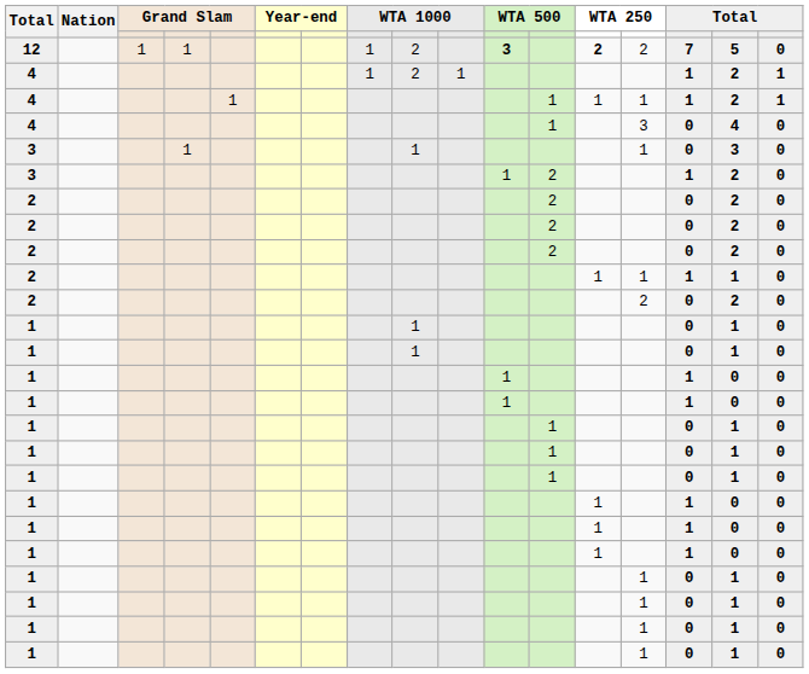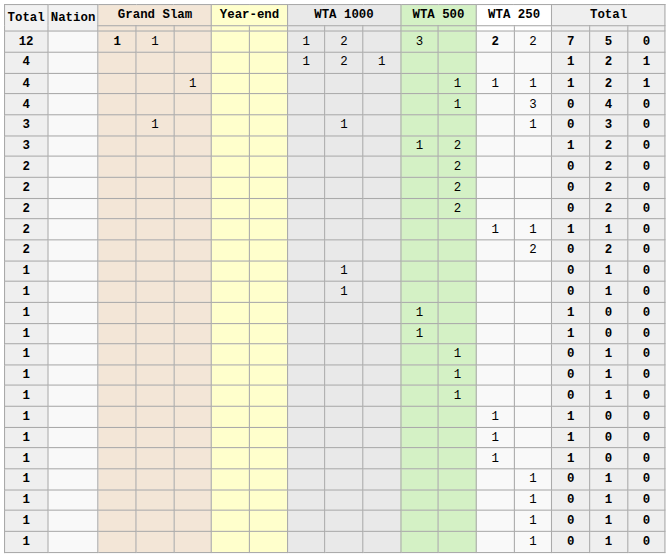 <table class="sortable wikitable nowrap" style="font-size:90%">
 <tr>
 <th rowspan=2>Total</th>
 <th rowspan=2>Nation</th>
 <th style="background-color:#f3e6d7;" colspan="3">Grand Slam</th>
 <th style="background-color:#ffc;" colspan="2">Year-end</th>
 <th style="background-color:#e9e9e9;" colspan="3">WTA 1000</th>
 <th style="background-color:#d4f1c5;" colspan="2">WTA 500</th>
 <th style="background-color:#fff;" colspan="2">WTA 250</th>
 <th style="background-color:#efefef;" colspan="3">Total</th>
 </tr>
 <tr>
 <th style="width:30px; background-color:#f3e6d7;"></th>
 <th style="width:30px; background-color:#f3e6d7;"></th>
 <th style="width:30px; background-color:#f3e6d7;"></th>
 <th style="width:30px; background-color:#ffc;"></th>
 <th style="width:30px; background-color:#ffc;"></th>
 <th style="width:30px; background-color:#e9e9e9;"></th>
 <th style="width:30px; background-color:#e9e9e9;"></th>
 <th style="width:30px; background-color:#e9e9e9;"></th>
 <th style="width:30px; background-color:#d4f1c5;"></th>
 <th style="width:30px; background-color:#d4f1c5;"></th>
 <th style="width:30px; background-color:#fff;"></th>
 <th style="width:30px; background-color:#fff;"></th>
 <th style="width:30px; background-color:#efefef;"></th>
 <th style="width:30px; background-color:#efefef;"></th>
 <th style="width:30px; background-color:#efefef;"></th>
 </tr>
 <tr style="text-align:center">
 <td style="background:#efefef;"><strong>12</strong></td>
 <td style="text-align:left"></td>
-<td style="background:#F3E6D7;">1</td>
+<td style="background:#F3E6D7;"><strong>1</strong></td>
 <td style="background:#F3E6D7;">1</td>
 <td style="background:#F3E6D7;"></td>
 <td style="background:#ffc;"></td>
 <td style="background:#ffc;"></td>
 <td style="background:#e9e9e9;">1</td>
 <td style="background:#e9e9e9;">2</td>
 <td style="background:#e9e9e9;"></td>
-<td style="background:#D4F1C5;"><strong>3</strong></td>
+<td style="background:#D4F1C5;">3</td>
 <td style="background:#D4F1C5;"></td>
 <td><strong>2</strong></td>
 <td>2</td>
 <td style="background:#efefef;"><strong>7</strong></td>
 <td style="background:#efefef;"><strong>5</strong></td>
 <td style="background:#efefef;"><strong>0</strong></td>
 </tr>
 <tr style="text-align:center">
 <td style="background:#efefef;"><strong>4</strong></td>
 <td style="text-align:left"></td>
 <td style="background:#F3E6D7;"></td>
 <td style="background:#F3E6D7;"></td>
 <td style="background:#F3E6D7;"></td>
 <td style="background:#ffc;"></td>
 <td style="background:#ffc;"></td>
 <td style="background:#e9e9e9;">1</td>
 <td style="background:#e9e9e9;">2</td>
 <td style="background:#e9e9e9;">1</td>
 <td style="background:#D4F1C5;"></td>
 <td style="background:#D4F1C5;"></td>
 <td></td>
 <td></td>
 <td style="background:#efefef;"><strong>1</strong></td>
 <td style="background:#efefef;"><strong>2</strong></td>
 <td style="background:#efefef;"><strong>1</strong></td>
 </tr>
 <tr style="text-align:center">
 <td style="background:#efefef;"><strong>4</strong></td>
 <td style="text-align:left"></td>
 <td style="background:#F3E6D7;"></td>
 <td style="background:#F3E6D7;"></td>
 <td style="background:#F3E6D7;">1</td>
 <td style="background:#ffc;"></td>
 <td style="background:#ffc;"></td>
 <td style="background:#e9e9e9;"></td>
 <td style="background:#e9e9e9;"></td>
 <td style="background:#e9e9e9;"></td>
 <td style="background:#D4F1C5;"></td>
 <td style="background:#D4F1C5;">1</td>
 <td>1</td>
 <td>1</td>
 <td style="background:#efefef;"><strong>1</strong></td>
 <td style="background:#efefef;"><strong>2</strong></td>
 <td style="background:#efefef;"><strong>1</strong></td>
 </tr>
 <tr style="text-align:center">
 <td style="background:#efefef;"><strong>4</strong></td>
 <td style="text-align:left"></td>
 <td style="background:#F3E6D7;"></td>
 <td style="background:#F3E6D7;"></td>
 <td style="background:#F3E6D7;"></td>
 <td style="background:#ffc;"></td>
 <td style="background:#ffc;"></td>
 <td style="background:#e9e9e9;"></td>
 <td style="background:#e9e9e9;"></td>
 <td style="background:#e9e9e9;"></td>
 <td style="background:#D4F1C5;"></td>
 <td style="background:#D4F1C5;">1</td>
 <td></td>
 <td>3</td>
 <td style="background:#efefef;"><strong>0</strong></td>
 <td style="background:#efefef;"><strong>4</strong></td>
 <td style="background:#efefef;"><strong>0</strong></td>
 </tr>
 <tr style="text-align:center">
 <td style="background:#efefef;"><strong>3</strong></td>
 <td style="text-align:left"></td>
 <td style="background:#F3E6D7;"></td>
 <td style="background:#F3E6D7;">1</td>
 <td style="background:#F3E6D7;"></td>
 <td style="background:#ffc;"></td>
 <td style="background:#ffc;"></td>
 <td style="background:#e9e9e9;"></td>
 <td style="background:#e9e9e9;">1</td>
 <td style="background:#e9e9e9;"></td>
 <td style="background:#D4F1C5;"></td>
 <td style="background:#D4F1C5;"></td>
 <td></td>
 <td>1</td>
 <td style="background:#efefef;"><strong>0</strong></td>
 <td style="background:#efefef;"><strong>3</strong></td>
 <td style="background:#efefef;"><strong>0</strong></td>
 </tr>
 <tr style="text-align:center">
 <td style="background:#efefef;"><strong>3</strong></td>
 <td style="text-align:left"></td>
 <td style="background:#F3E6D7;"></td>
 <td style="background:#F3E6D7;"></td>
 <td style="background:#F3E6D7;"></td>
 <td style="background:#ffc;"></td>
 <td style="background:#ffc;"></td>
 <td style="background:#e9e9e9;"></td>
 <td style="background:#e9e9e9;"></td>
 <td style="background:#e9e9e9;"></td>
 <td style="background:#D4F1C5;">1</td>
 <td style="background:#D4F1C5;">2</td>
 <td></td>
 <td></td>
 <td style="background:#efefef;"><strong>1</strong></td>
 <td style="background:#efefef;"><strong>2</strong></td>
 <td style="background:#efefef;"><strong>0</strong></td>
 </tr>
 <tr style="text-align:center">
 <td style="background:#efefef;"><strong>2</strong></td>
 <td style="text-align:left"></td>
 <td style="background:#F3E6D7;"></td>
 <td style="background:#F3E6D7;"></td>
 <td style="background:#F3E6D7;"></td>
 <td style="background:#ffc;"></td>
 <td style="background:#ffc;"></td>
 <td style="background:#e9e9e9;"></td>
 <td style="background:#e9e9e9;"></td>
 <td style="background:#e9e9e9;"></td>
 <td style="background:#D4F1C5;"></td>
 <td style="background:#D4F1C5;">2</td>
 <td></td>
 <td></td>
 <td style="background:#efefef;"><strong>0</strong></td>
 <td style="background:#efefef;"><strong>2</strong></td>
 <td style="background:#efefef;"><strong>0</strong></td>
 </tr>
 <tr style="text-align:center">
 <td style="background:#efefef;"><strong>2</strong></td>
 <td style="text-align:left"></td>
 <td style="background:#F3E6D7;"></td>
 <td style="background:#F3E6D7;"></td>
 <td style="background:#F3E6D7;"></td>
 <td style="background:#ffc;"></td>
 <td style="background:#ffc;"></td>
 <td style="background:#e9e9e9;"></td>
 <td style="background:#e9e9e9;"></td>
 <td style="background:#e9e9e9;"></td>
 <td style="background:#D4F1C5;"></td>
 <td style="background:#D4F1C5;">2</td>
 <td></td>
 <td></td>
 <td style="background:#efefef;"><strong>0</strong></td>
 <td style="background:#efefef;"><strong>2</strong></td>
 <td style="background:#efefef;"><strong>0</strong></td>
 </tr>
 <tr style="text-align:center">
 <td style="background:#efefef;"><strong>2</strong></td>
 <td style="text-align:left"></td>
 <td style="background:#F3E6D7;"></td>
 <td style="background:#F3E6D7;"></td>
 <td style="background:#F3E6D7;"></td>
 <td style="background:#ffc;"></td>
 <td style="background:#ffc;"></td>
 <td style="background:#e9e9e9;"></td>
 <td style="background:#e9e9e9;"></td>
 <td style="background:#e9e9e9;"></td>
 <td style="background:#D4F1C5;"></td>
 <td style="background:#D4F1C5;">2</td>
 <td></td>
 <td></td>
 <td style="background:#efefef;"><strong>0</strong></td>
 <td style="background:#efefef;"><strong>2</strong></td>
 <td style="background:#efefef;"><strong>0</strong></td>
 </tr>
 <tr style="text-align:center">
 <td style="background:#efefef;"><strong>2</strong></td>
 <td style="text-align:left"></td>
 <td style="background:#F3E6D7;"></td>
 <td style="background:#F3E6D7;"></td>
 <td style="background:#F3E6D7;"></td>
 <td style="background:#ffc;"></td>
 <td style="background:#ffc;"></td>
 <td style="background:#e9e9e9;"></td>
 <td style="background:#e9e9e9;"></td>
 <td style="background:#e9e9e9;"></td>
 <td style="background:#D4F1C5;"></td>
 <td style="background:#D4F1C5;"></td>
 <td>1</td>
 <td>1</td>
 <td style="background:#efefef;"><strong>1</strong></td>
 <td style="background:#efefef;"><strong>1</strong></td>
 <td style="background:#efefef;"><strong>0</strong></td>
 </tr>
 <tr style="text-align:center">
 <td style="background:#efefef;"><strong>2</strong></td>
 <td style="text-align:left"></td>
 <td style="background:#F3E6D7;"></td>
 <td style="background:#F3E6D7;"></td>
 <td style="background:#F3E6D7;"></td>
 <td style="background:#ffc;"></td>
 <td style="background:#ffc;"></td>
 <td style="background:#e9e9e9;"></td>
 <td style="background:#e9e9e9;"></td>
 <td style="background:#e9e9e9;"></td>
 <td style="background:#D4F1C5;"></td>
 <td style="background:#D4F1C5;"></td>
 <td></td>
 <td>2</td>
 <td style="background:#efefef;"><strong>0</strong></td>
 <td style="background:#efefef;"><strong>2</strong></td>
 <td style="background:#efefef;"><strong>0</strong></td>
 </tr>
 <tr style="text-align:center">
 <td style="background:#efefef;"><strong>1</strong></td>
 <td style="text-align:left"></td>
 <td style="background:#F3E6D7;"></td>
 <td style="background:#F3E6D7;"></td>
 <td style="background:#F3E6D7;"></td>
 <td style="background:#ffc;"></td>
 <td style="background:#ffc;"></td>
 <td style="background:#e9e9e9;"></td>
 <td style="background:#e9e9e9;">1</td>
 <td style="background:#e9e9e9;"></td>
 <td style="background:#D4F1C5;"></td>
 <td style="background:#D4F1C5;"></td>
 <td></td>
 <td></td>
 <td style="background:#efefef;"><strong>0</strong></td>
 <td style="background:#efefef;"><strong>1</strong></td>
 <td style="background:#efefef;"><strong>0</strong></td>
 </tr>
 <tr style="text-align:center">
 <td style="background:#efefef;"><strong>1</strong></td>
 <td style="text-align:left"></td>
 <td style="background:#F3E6D7;"></td>
 <td style="background:#F3E6D7;"></td>
 <td style="background:#F3E6D7;"></td>
 <td style="background:#ffc;"></td>
 <td style="background:#ffc;"></td>
 <td style="background:#e9e9e9;"></td>
 <td style="background:#e9e9e9;">1</td>
 <td style="background:#e9e9e9;"></td>
 <td style="background:#D4F1C5;"></td>
 <td style="background:#D4F1C5;"></td>
 <td></td>
 <td></td>
 <td style="background:#efefef;"><strong>0</strong></td>
 <td style="background:#efefef;"><strong>1</strong></td>
 <td style="background:#efefef;"><strong>0</strong></td>
 </tr>
 <tr style="text-align:center">
 <td style="background:#efefef;"><strong>1</strong></td>
 <td style="text-align:left"></td>
 <td style="background:#F3E6D7;"></td>
 <td style="background:#F3E6D7;"></td>
 <td style="background:#F3E6D7;"></td>
 <td style="background:#ffc;"></td>
 <td style="background:#ffc;"></td>
 <td style="background:#e9e9e9;"></td>
 <td style="background:#e9e9e9;"></td>
 <td style="background:#e9e9e9;"></td>
 <td style="background:#D4F1C5;">1</td>
 <td style="background:#D4F1C5;"></td>
 <td></td>
 <td></td>
 <td style="background:#efefef;"><strong>1</strong></td>
 <td style="background:#efefef;"><strong>0</strong></td>
 <td style="background:#efefef;"><strong>0</strong></td>
 </tr>
 <tr style="text-align:center">
 <td style="background:#efefef;"><strong>1</strong></td>
 <td style="text-align:left"></td>
 <td style="background:#F3E6D7;"></td>
 <td style="background:#F3E6D7;"></td>
 <td style="background:#F3E6D7;"></td>
 <td style="background:#ffc;"></td>
 <td style="background:#ffc;"></td>
 <td style="background:#e9e9e9;"></td>
 <td style="background:#e9e9e9;"></td>
 <td style="background:#e9e9e9;"></td>
 <td style="background:#D4F1C5;">1</td>
 <td style="background:#D4F1C5;"></td>
 <td></td>
 <td></td>
 <td style="background:#efefef;"><strong>1</strong></td>
 <td style="background:#efefef;"><strong>0</strong></td>
 <td style="background:#efefef;"><strong>0</strong></td>
 </tr>
 <tr style="text-align:center">
 <td style="background:#efefef;"><strong>1</strong></td>
 <td style="text-align:left"></td>
 <td style="background:#F3E6D7;"></td>
 <td style="background:#F3E6D7;"></td>
 <td style="background:#F3E6D7;"></td>
 <td style="background:#ffc;"></td>
 <td style="background:#ffc;"></td>
 <td style="background:#e9e9e9;"></td>
 <td style="background:#e9e9e9;"></td>
 <td style="background:#e9e9e9;"></td>
 <td style="background:#D4F1C5;"></td>
 <td style="background:#D4F1C5;">1</td>
 <td></td>
 <td></td>
 <td style="background:#efefef;"><strong>0</strong></td>
 <td style="background:#efefef;"><strong>1</strong></td>
 <td style="background:#efefef;"><strong>0</strong></td>
 </tr>
 <tr style="text-align:center">
 <td style="background:#efefef;"><strong>1</strong></td>
 <td style="text-align:left"></td>
 <td style="background:#F3E6D7;"></td>
 <td style="background:#F3E6D7;"></td>
 <td style="background:#F3E6D7;"></td>
 <td style="background:#ffc;"></td>
 <td style="background:#ffc;"></td>
 <td style="background:#e9e9e9;"></td>
 <td style="background:#e9e9e9;"></td>
 <td style="background:#e9e9e9;"></td>
 <td style="background:#D4F1C5;"></td>
 <td style="background:#D4F1C5;">1</td>
 <td></td>
 <td></td>
 <td style="background:#efefef;"><strong>0</strong></td>
 <td style="background:#efefef;"><strong>1</strong></td>
 <td style="background:#efefef;"><strong>0</strong></td>
 </tr>
 <tr style="text-align:center">
 <td style="background:#efefef;"><strong>1</strong></td>
 <td style="text-align:left"></td>
 <td style="background:#F3E6D7;"></td>
 <td style="background:#F3E6D7;"></td>
 <td style="background:#F3E6D7;"></td>
 <td style="background:#ffc;"></td>
 <td style="background:#ffc;"></td>
 <td style="background:#e9e9e9;"></td>
 <td style="background:#e9e9e9;"></td>
 <td style="background:#e9e9e9;"></td>
 <td style="background:#D4F1C5;"></td>
 <td style="background:#D4F1C5;">1</td>
 <td></td>
 <td></td>
 <td style="background:#efefef;"><strong>0</strong></td>
 <td style="background:#efefef;"><strong>1</strong></td>
 <td style="background:#efefef;"><strong>0</strong></td>
 </tr>
 <tr style="text-align:center">
 <td style="background:#efefef;"><strong>1</strong></td>
 <td style="text-align:left"></td>
 <td style="background:#F3E6D7;"></td>
 <td style="background:#F3E6D7;"></td>
 <td style="background:#F3E6D7;"></td>
 <td style="background:#ffc;"></td>
 <td style="background:#ffc;"></td>
 <td style="background:#e9e9e9;"></td>
 <td style="background:#e9e9e9;"></td>
 <td style="background:#e9e9e9;"></td>
 <td style="background:#D4F1C5;"></td>
 <td style="background:#D4F1C5;"></td>
 <td>1</td>
 <td></td>
 <td style="background:#efefef;"><strong>1</strong></td>
 <td style="background:#efefef;"><strong>0</strong></td>
 <td style="background:#efefef;"><strong>0</strong></td>
 </tr>
 <tr style="text-align:center">
 <td style="background:#efefef;"><strong>1</strong></td>
 <td style="text-align:left"></td>
 <td style="background:#F3E6D7;"></td>
 <td style="background:#F3E6D7;"></td>
 <td style="background:#F3E6D7;"></td>
 <td style="background:#ffc;"></td>
 <td style="background:#ffc;"></td>
 <td style="background:#e9e9e9;"></td>
 <td style="background:#e9e9e9;"></td>
 <td style="background:#e9e9e9;"></td>
 <td style="background:#D4F1C5;"></td>
 <td style="background:#D4F1C5;"></td>
 <td>1</td>
 <td></td>
 <td style="background:#efefef;"><strong>1</strong></td>
 <td style="background:#efefef;"><strong>0</strong></td>
 <td style="background:#efefef;"><strong>0</strong></td>
 </tr>
 <tr style="text-align:center">
 <td style="background:#efefef;"><strong>1</strong></td>
 <td style="text-align:left"></td>
 <td style="background:#F3E6D7;"></td>
 <td style="background:#F3E6D7;"></td>
 <td style="background:#F3E6D7;"></td>
 <td style="background:#ffc;"></td>
 <td style="background:#ffc;"></td>
 <td style="background:#e9e9e9;"></td>
 <td style="background:#e9e9e9;"></td>
 <td style="background:#e9e9e9;"></td>
 <td style="background:#D4F1C5;"></td>
 <td style="background:#D4F1C5;"></td>
 <td>1</td>
 <td></td>
 <td style="background:#efefef;"><strong>1</strong></td>
 <td style="background:#efefef;"><strong>0</strong></td>
 <td style="background:#efefef;"><strong>0</strong></td>
 </tr>
 <tr style="text-align:center">
 <td style="background:#efefef;"><strong>1</strong></td>
 <td style="text-align:left"></td>
 <td style="background:#F3E6D7;"></td>
 <td style="background:#F3E6D7;"></td>
 <td style="background:#F3E6D7;"></td>
 <td style="background:#ffc;"></td>
 <td style="background:#ffc;"></td>
 <td style="background:#e9e9e9;"></td>
 <td style="background:#e9e9e9;"></td>
 <td style="background:#e9e9e9;"></td>
 <td style="background:#D4F1C5;"></td>
 <td style="background:#D4F1C5;"></td>
 <td></td>
 <td>1</td>
 <td style="background:#efefef;"><strong>0</strong></td>
 <td style="background:#efefef;"><strong>1</strong></td>
 <td style="background:#efefef;"><strong>0</strong></td>
 </tr>
 <tr style="text-align:center">
 <td style="background:#efefef;"><strong>1</strong></td>
 <td style="text-align:left"></td>
 <td style="background:#F3E6D7;"></td>
 <td style="background:#F3E6D7;"></td>
 <td style="background:#F3E6D7;"></td>
 <td style="background:#ffc;"></td>
 <td style="background:#ffc;"></td>
 <td style="background:#e9e9e9;"></td>
 <td style="background:#e9e9e9;"></td>
 <td style="background:#e9e9e9;"></td>
 <td style="background:#D4F1C5;"></td>
 <td style="background:#D4F1C5;"></td>
 <td></td>
 <td>1</td>
 <td style="background:#efefef;"><strong>0</strong></td>
 <td style="background:#efefef;"><strong>1</strong></td>
 <td style="background:#efefef;"><strong>0</strong></td>
 </tr>
 <tr style="text-align:center">
 <td style="background:#efefef;"><strong>1</strong></td>
 <td style="text-align:left"></td>
 <td style="background:#F3E6D7;"></td>
 <td style="background:#F3E6D7;"></td>
 <td style="background:#F3E6D7;"></td>
 <td style="background:#ffc;"></td>
 <td style="background:#ffc;"></td>
 <td style="background:#e9e9e9;"></td>
 <td style="background:#e9e9e9;"></td>
 <td style="background:#e9e9e9;"></td>
 <td style="background:#D4F1C5;"></td>
 <td style="background:#D4F1C5;"></td>
 <td></td>
 <td>1</td>
 <td style="background:#efefef;"><strong>0</strong></td>
 <td style="background:#efefef;"><strong>1</strong></td>
 <td style="background:#efefef;"><strong>0</strong></td>
 </tr>
 <tr style="text-align:center">
 <td style="background:#efefef;"><strong>1</strong></td>
 <td style="text-align:left"></td>
 <td style="background:#F3E6D7;"></td>
 <td style="background:#F3E6D7;"></td>
 <td style="background:#F3E6D7;"></td>
 <td style="background:#ffc;"></td>
 <td style="background:#ffc;"></td>
 <td style="background:#e9e9e9;"></td>
 <td style="background:#e9e9e9;"></td>
 <td style="background:#e9e9e9;"></td>
 <td style="background:#D4F1C5;"></td>
 <td style="background:#D4F1C5;"></td>
 <td></td>
 <td>1</td>
 <td style="background:#efefef;"><strong>0</strong></td>
 <td style="background:#efefef;"><strong>1</strong></td>
 <td style="background:#efefef;"><strong>0</strong></td>
 </tr>
 </table>
